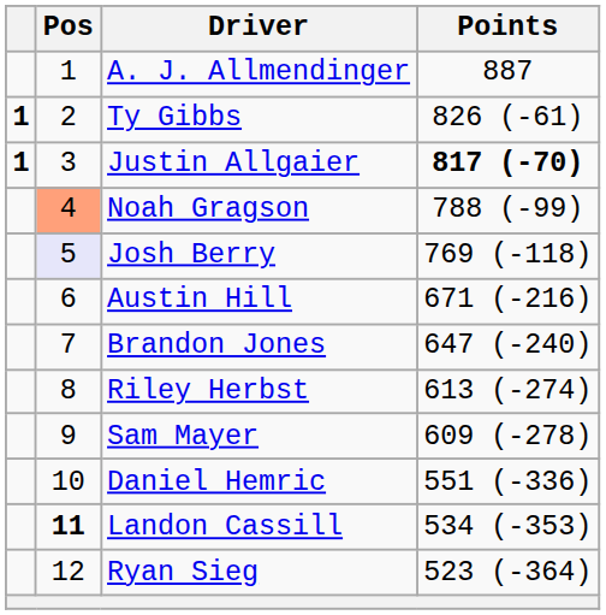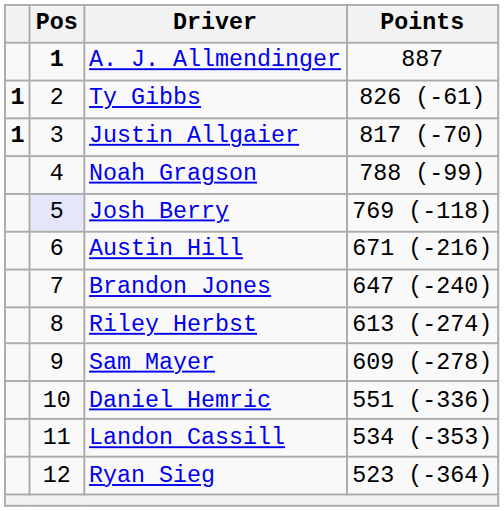 <table class="wikitable" style="font-size: 95%;">
 <tr>
 <th></th>
 <th>Pos</th>
 <th>Driver</th>
 <th>Points</th>
 </tr>
 <tr>
 <td align="left"></td>
-<td style="text-align:center;">1</td>
+<td style="text-align:center;"><strong>1</strong></td>
 <td><a href='#'>A. J. Allmendinger</a></td>
 <td style="text-align:center;">887</td>
 </tr>
 <tr>
 <td align="left"> <strong>1</strong></td>
 <td style="text-align:center;">2</td>
 <td><a href='#'>Ty Gibbs</a></td>
 <td style="text-align:center;">826 (-61)</td>
 </tr>
 <tr>
 <td align="left"> <strong>1</strong></td>
 <td style="text-align:center;">3</td>
 <td><a href='#'>Justin Allgaier</a></td>
-<td style="text-align:center;"><strong>817 (-70)</strong></td>
+<td style="text-align:center;">817 (-70)</td>
 </tr>
 <tr>
 <td align="left"></td>
-<td style="background: lightsalmon; text-align:center;">4</td>
+<td style="text-align:center;">4</td>
 <td><a href='#'>Noah Gragson</a></td>
 <td style="text-align:center;">788 (-99)</td>
 </tr>
 <tr>
 <td align="left"></td>
 <td style="background: lavender; text-align:center;">5</td>
 <td><a href='#'>Josh Berry</a></td>
 <td style="text-align:center;">769 (-118)</td>
 </tr>
 <tr>
 <td align="left"></td>
 <td style="text-align:center;">6</td>
 <td><a href='#'>Austin Hill</a></td>
 <td style="text-align:center;">671 (-216)</td>
 </tr>
 <tr>
 <td align="left"></td>
 <td style="text-align:center;">7</td>
 <td><a href='#'>Brandon Jones</a></td>
 <td style="text-align:center;">647 (-240)</td>
 </tr>
 <tr>
 <td align="left"></td>
 <td style="text-align:center;">8</td>
 <td><a href='#'>Riley Herbst</a></td>
 <td style="text-align:center;">613 (-274)</td>
 </tr>
 <tr>
 <td align="left"></td>
 <td style="text-align:center;">9</td>
 <td><a href='#'>Sam Mayer</a></td>
 <td style="text-align:center;">609 (-278)</td>
 </tr>
 <tr>
 <td align="left"></td>
 <td style="text-align:center;">10</td>
 <td><a href='#'>Daniel Hemric</a></td>
 <td style="text-align:center;">551 (-336)</td>
 </tr>
 <tr>
 <td align="left"></td>
-<td style="text-align:center;"><strong>11</strong></td>
+<td style="text-align:center;">11</td>
 <td><a href='#'>Landon Cassill</a></td>
 <td style="text-align:center;">534 (-353)</td>
 </tr>
 <tr>
 <td align="left"></td>
 <td style="text-align:center;">12</td>
 <td><a href='#'>Ryan Sieg</a></td>
 <td style="text-align:center;">523 (-364)</td>
 </tr>
 <tr class="sortbottom">
 <th colspan="9"></th>
 </tr>
 </table>
